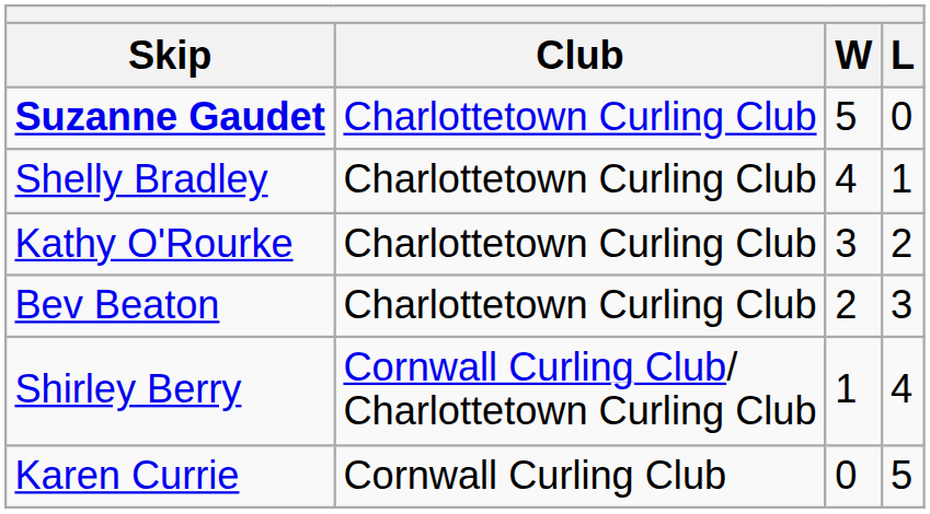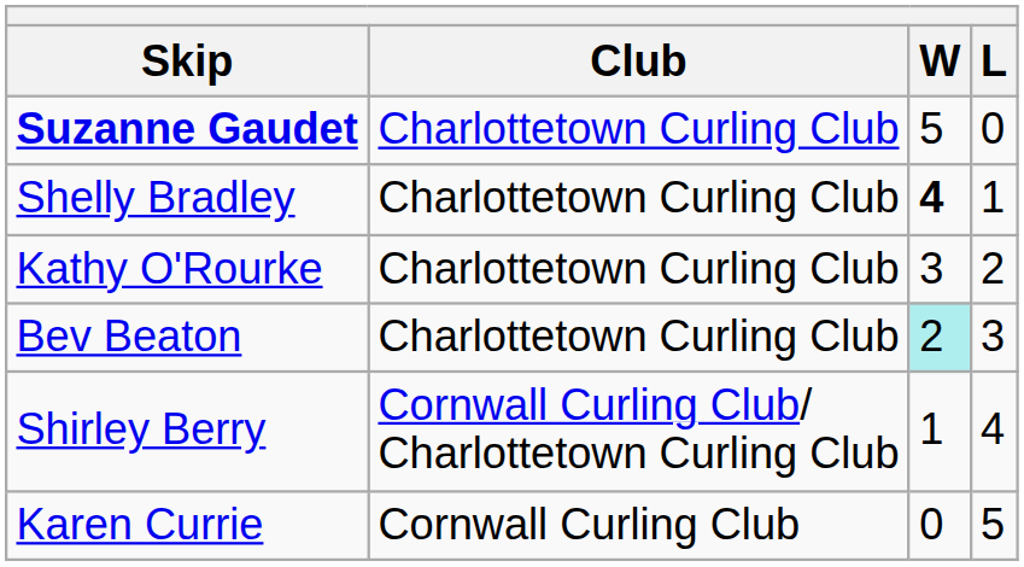 <table class="wikitable">
 <tr>
 <th align="center" colspan=4></th>
 </tr>
 <tr>
 <th>Skip</th>
 <th>Club</th>
 <th>W</th>
 <th>L</th>
 </tr>
 <tr>
 <td><strong><a href='#'>Suzanne Gaudet</a></strong></td>
 <td><a href='#'>Charlottetown Curling Club</a></td>
 <td>5</td>
 <td>0</td>
 </tr>
 <tr>
 <td><a href='#'>Shelly Bradley</a></td>
 <td>Charlottetown Curling Club</td>
-<td>4</td>
+<td><strong>4</strong></td>
 <td>1</td>
 </tr>
 <tr>
 <td><a href='#'>Kathy O'Rourke</a></td>
 <td>Charlottetown Curling Club</td>
 <td>3</td>
 <td>2</td>
 </tr>
 <tr>
 <td><a href='#'>Bev Beaton</a></td>
 <td>Charlottetown Curling Club</td>
-<td>2</td>
+<td style="background: paleturquoise;">2</td>
 <td>3</td>
 </tr>
 <tr>
 <td><a href='#'>Shirley Berry</a></td>
 <td><a href='#'>Cornwall Curling Club</a>/ <br>Charlottetown Curling Club</td>
 <td>1</td>
 <td>4</td>
 </tr>
 <tr>
 <td><a href='#'>Karen Currie</a></td>
 <td>Cornwall Curling Club</td>
 <td>0</td>
 <td>5</td>
 </tr>
 </table>
